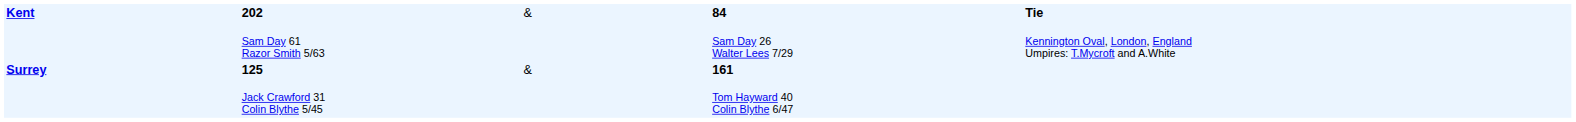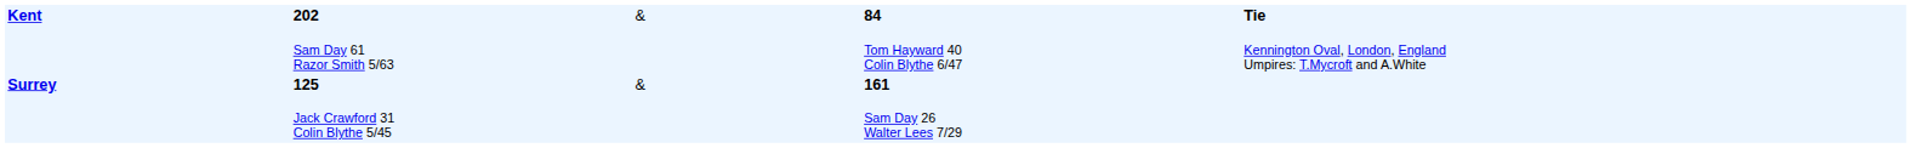 <table width="100%" style="background: #EBF5FF">
 <tr>
 <td width="15%" valign="top" rowspan="2"><strong><a href='#'>Kent</a></strong></td>
 <td width="18%"><strong>202</strong></td>
 <td width="12%">&</td>
 <td width="20%"><strong>84</strong></td>
 <td width="35%"><strong>Tie</strong></td>
 </tr>
 <tr>
 <td style="font-size: 85%;" valign="top"><br><a href='#'>Sam Day</a> 61<br> <a href='#'>Razor Smith</a> 5/63</td>
 <td></td>
-<td style="font-size: 85%;"><br><a href='#'>Sam Day</a> 26<br> <a href='#'>Walter Lees</a> 7/29</td>
+<td valign="top" style="font-size: 85%;"><br><a href='#'>Tom Hayward</a> 40<br> <a href='#'>Colin Blythe</a> 6/47</td>
 <td valign="top" style="font-size: 85%;" rowspan="3"><br><a href='#'>Kennington Oval</a>, <a href='#'>London</a>, <a href='#'>England</a><br> Umpires: <a href='#'>T.Mycroft</a> and A.White</td>
 </tr>
 <tr>
 <td valign="top" rowspan="2"><strong><a href='#'>Surrey</a></strong></td>
 <td><strong>125</strong></td>
 <td>&</td>
 <td><strong>161</strong></td>
 </tr>
 <tr>
 <td style="font-size: 85%;"><br><a href='#'>Jack Crawford</a> 31<br> <a href='#'>Colin Blythe</a> 5/45</td>
 <td></td>
-<td valign="top" style="font-size: 85%;"><br><a href='#'>Tom Hayward</a> 40<br> <a href='#'>Colin Blythe</a> 6/47</td>
+<td style="font-size: 85%;"><br><a href='#'>Sam Day</a> 26<br> <a href='#'>Walter Lees</a> 7/29</td>
 </tr>
 </table>
